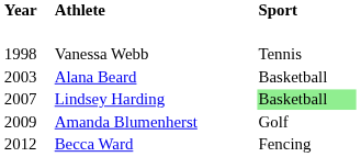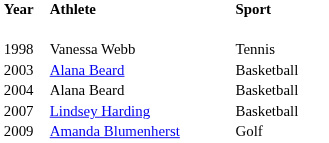 <table class="toccolours" style="float: center; margin-right: 1em;" width="350px">
 <tr>
 <th colspan="3" style="text-align: center; "></th>
 </tr>
 <tr>
 <td><strong>Year</strong></td>
 <td><strong>Athlete</strong></td>
 <td><strong>Sport</strong></td>
 </tr>
 <tr>
 <td colspan="3"><br></td>
 </tr>
 <tr>
 <td>1998</td>
 <td>Vanessa Webb</td>
 <td>Tennis</td>
 </tr>
 <tr>
 <td>2003</td>
 <td><a href='#'>Alana Beard</a></td>
 <td>Basketball</td>
 </tr>
 <tr>
+<td>2004</td>
+<td>Alana Beard</td>
+<td>Basketball</td>
+</tr>
+<tr>
 <td>2007</td>
 <td><a href='#'>Lindsey Harding</a></td>
-<td style="background: lightgreen;">Basketball</td>
+<td>Basketball</td>
 </tr>
 <tr>
 <td>2009</td>
 <td><a href='#'>Amanda Blumenherst</a></td>
 <td>Golf</td>
 </tr>
-<tr>
-<td>2012</td>
-<td><a href='#'>Becca Ward</a></td>
-<td>Fencing</td>
-</tr>
 </table>
